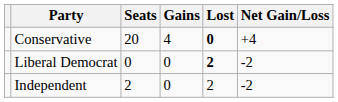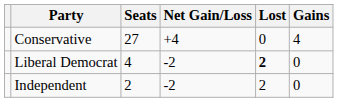 <table class="wikitable">
 <tr>
 <th></th>
 <th>Party</th>
 <th>Seats</th>
+<th>Net Gain/Loss</th>
+<th>Lost</th>
 <th>Gains</th>
-<th>Lost</th>
-<th>Net Gain/Loss</th>
 </tr>
 <tr>
 <td style="background-color: "></td>
 <td>Conservative</td>
-<td>20</td>
+<td>27</td>
+<td>+4</td>
+<td>0</td>
 <td>4</td>
-<td><strong>0</strong></td>
-<td>+4</td>
 </tr>
 <tr>
 <td style="background-color: "></td>
 <td>Liberal Democrat</td>
+<td>4</td>
+<td>-2</td>
+<td><strong>2</strong></td>
 <td>0</td>
-<td>0</td>
-<td><strong>2</strong></td>
-<td>-2</td>
 </tr>
 <tr>
 <td style="background-color: "></td>
 <td>Independent</td>
 <td>2</td>
+<td>-2</td>
+<td>2</td>
 <td>0</td>
-<td>2</td>
-<td>-2</td>
 </tr>
 </table>
